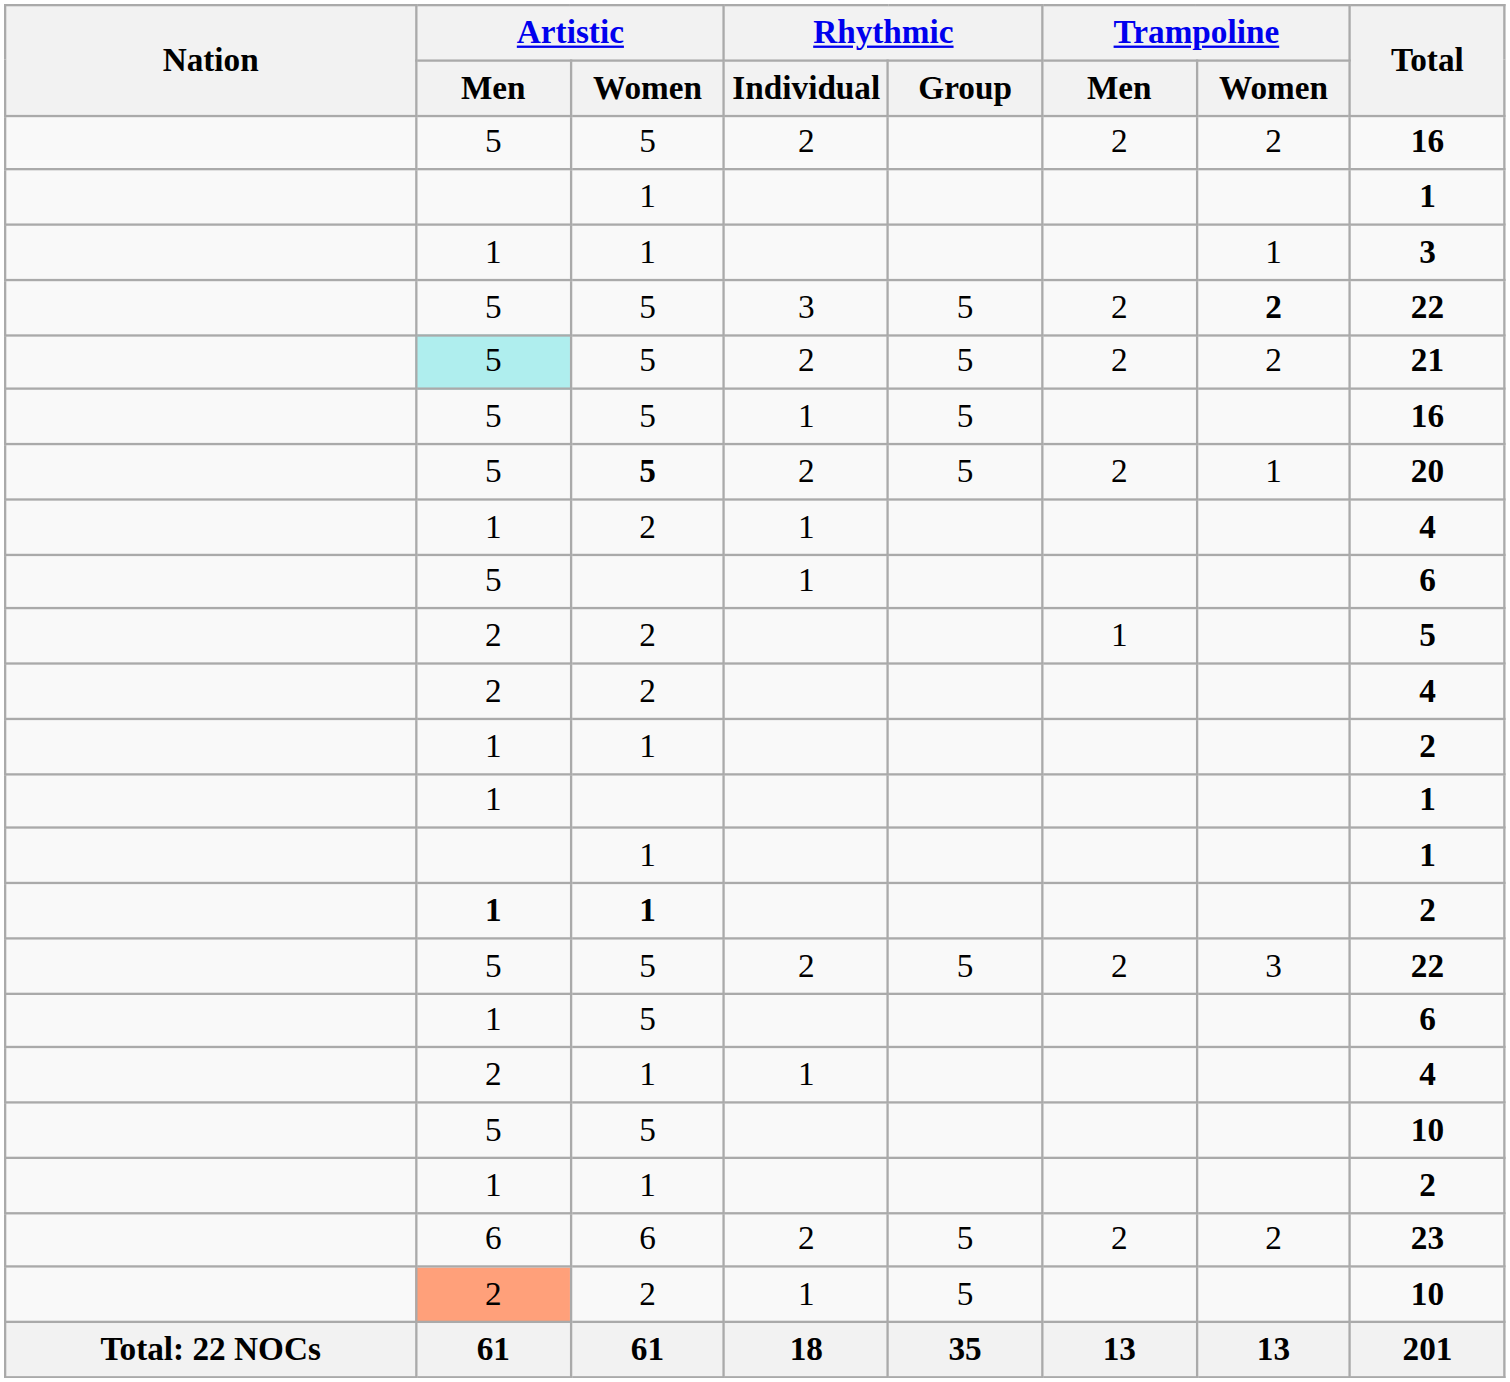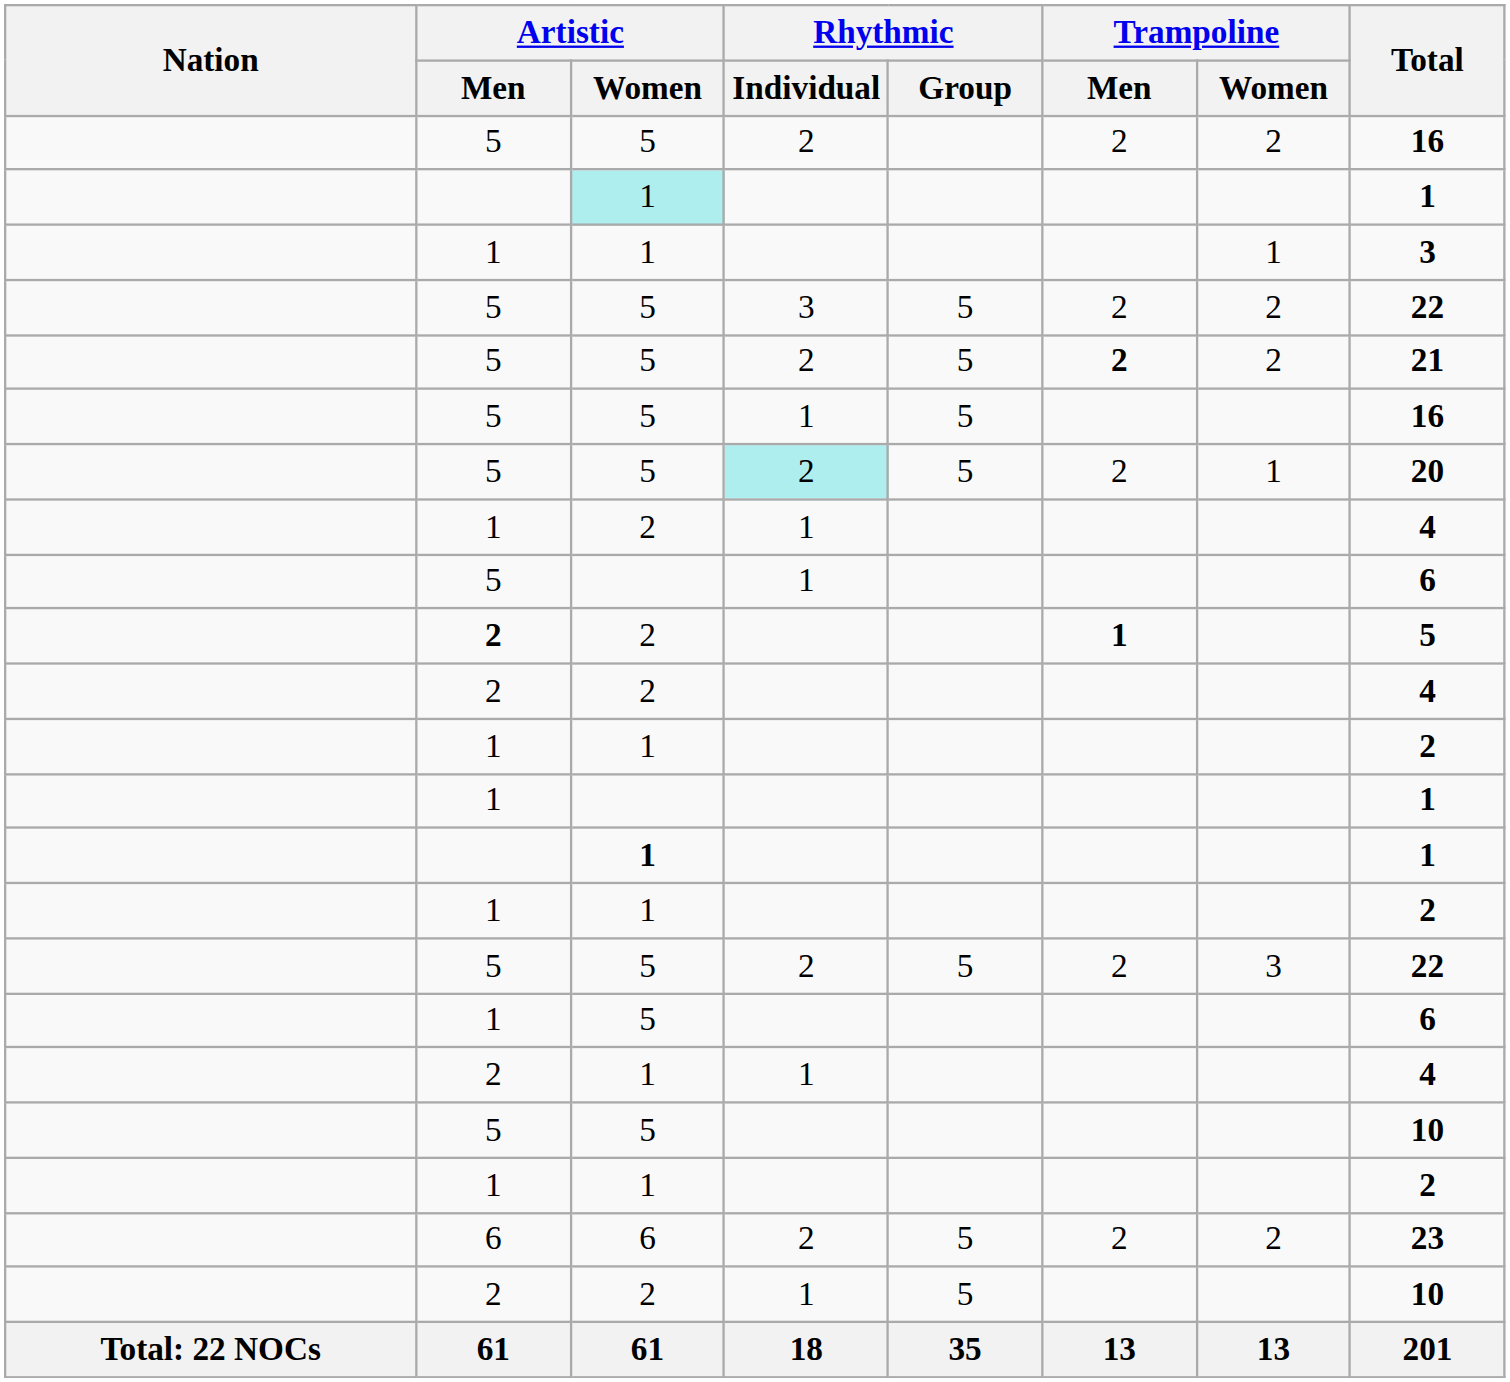 <table class="wikitable" width=650 style="text-align:center; font-size:90%">
 <tr>
 <th rowspan="2" align="left">Nation</th>
 <th colspan="2"><a href='#'>Artistic</a></th>
 <th colspan="2"><a href='#'>Rhythmic</a></th>
 <th colspan=2><a href='#'>Trampoline</a></th>
 <th rowspan="2">Total</th>
 </tr>
 <tr>
 <th width=60>Men</th>
 <th width=60>Women</th>
 <th width=60>Individual</th>
 <th width=60>Group</th>
 <th width=60>Men</th>
 <th width=60>Women</th>
 </tr>
 <tr>
 <td align=left></td>
 <td>5</td>
 <td>5</td>
 <td>2</td>
 <td></td>
 <td>2</td>
 <td>2</td>
 <td><strong>16</strong></td>
 </tr>
 <tr>
 <td align=left></td>
 <td></td>
-<td>1</td>
+<td style="background: paleturquoise;">1</td>
 <td></td>
 <td></td>
 <td></td>
 <td></td>
 <td><strong>1</strong></td>
 </tr>
 <tr>
 <td align=left></td>
 <td>1</td>
 <td>1</td>
 <td></td>
 <td></td>
 <td></td>
 <td>1</td>
 <td><strong>3</strong></td>
 </tr>
 <tr>
 <td align=left></td>
 <td>5</td>
 <td>5</td>
 <td>3</td>
 <td>5</td>
 <td>2</td>
-<td><strong>2</strong></td>
+<td>2</td>
 <td><strong>22</strong></td>
 </tr>
 <tr>
 <td align=left></td>
-<td style="background: paleturquoise;">5</td>
+<td>5</td>
 <td>5</td>
 <td>2</td>
 <td>5</td>
-<td>2</td>
+<td><strong>2</strong></td>
 <td>2</td>
 <td><strong>21</strong></td>
 </tr>
 <tr>
 <td align=left></td>
 <td>5</td>
 <td>5</td>
 <td>1</td>
 <td>5</td>
 <td></td>
 <td></td>
 <td><strong>16</strong></td>
 </tr>
 <tr>
 <td align=left></td>
 <td>5</td>
-<td><strong>5</strong></td>
-<td>2</td>
+<td>5</td>
+<td style="background: paleturquoise;">2</td>
 <td>5</td>
 <td>2</td>
 <td>1</td>
 <td><strong>20</strong></td>
 </tr>
 <tr>
 <td align=left></td>
 <td>1</td>
 <td>2</td>
 <td>1</td>
 <td></td>
 <td></td>
 <td></td>
 <td><strong>4</strong></td>
 </tr>
 <tr>
 <td align=left></td>
 <td>5</td>
 <td></td>
 <td>1</td>
 <td></td>
 <td></td>
 <td></td>
 <td><strong>6</strong></td>
 </tr>
 <tr>
 <td align=left></td>
-<td>2</td>
+<td><strong>2</strong></td>
 <td>2</td>
 <td></td>
 <td></td>
-<td>1</td>
+<td><strong>1</strong></td>
 <td></td>
 <td><strong>5</strong></td>
 </tr>
 <tr>
 <td align=left></td>
 <td>2</td>
 <td>2</td>
 <td></td>
 <td></td>
 <td></td>
 <td></td>
 <td><strong>4</strong></td>
 </tr>
 <tr>
 <td align=left></td>
 <td>1</td>
 <td>1</td>
 <td></td>
 <td></td>
 <td></td>
 <td></td>
 <td><strong>2</strong></td>
 </tr>
 <tr>
 <td align=left></td>
 <td>1</td>
 <td></td>
 <td></td>
 <td></td>
 <td></td>
 <td></td>
 <td><strong>1</strong></td>
 </tr>
 <tr>
 <td align=left></td>
 <td></td>
-<td>1</td>
+<td><strong>1</strong></td>
 <td></td>
 <td></td>
 <td></td>
 <td></td>
 <td><strong>1</strong></td>
 </tr>
 <tr>
 <td align=left></td>
-<td><strong>1</strong></td>
-<td><strong>1</strong></td>
+<td>1</td>
+<td>1</td>
 <td></td>
 <td></td>
 <td></td>
 <td></td>
 <td><strong>2</strong></td>
 </tr>
 <tr>
 <td align=left></td>
 <td>5</td>
 <td>5</td>
 <td>2</td>
 <td>5</td>
 <td>2</td>
 <td>3</td>
 <td><strong>22</strong></td>
 </tr>
 <tr>
 <td align=left></td>
 <td>1</td>
 <td>5</td>
 <td></td>
 <td></td>
 <td></td>
 <td></td>
 <td><strong>6</strong></td>
 </tr>
 <tr>
 <td align=left></td>
 <td>2</td>
 <td>1</td>
 <td>1</td>
 <td></td>
 <td></td>
 <td></td>
 <td><strong>4</strong></td>
 </tr>
 <tr>
 <td align=left></td>
 <td>5</td>
 <td>5</td>
 <td></td>
 <td></td>
 <td></td>
 <td></td>
 <td><strong>10</strong></td>
 </tr>
 <tr>
 <td align=left></td>
 <td>1</td>
 <td>1</td>
 <td></td>
 <td></td>
 <td></td>
 <td></td>
 <td><strong>2</strong></td>
 </tr>
 <tr>
 <td align=left></td>
 <td>6</td>
 <td>6</td>
 <td>2</td>
 <td>5</td>
 <td>2</td>
 <td>2</td>
 <td><strong>23</strong></td>
 </tr>
 <tr>
 <td align=left></td>
-<td style="background: lightsalmon;">2</td>
+<td>2</td>
 <td>2</td>
 <td>1</td>
 <td>5</td>
 <td></td>
 <td></td>
 <td><strong>10</strong></td>
 </tr>
 <tr>
 <th>Total: 22 NOCs</th>
 <th>61</th>
 <th>61</th>
 <th>18</th>
 <th>35</th>
 <th>13</th>
 <th>13</th>
 <th>201</th>
 </tr>
 </table>
